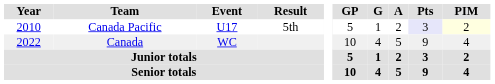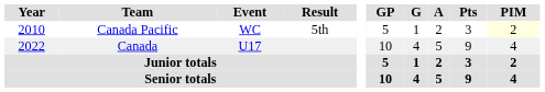 <table border="0" cellpadding="1" cellspacing="0" style="text-align:center; width:40em;">
 <tr bgcolor="#e0e0e0">
 <th>Year</th>
 <th>Team</th>
 <th>Event</th>
 <th>Result</th>
 <th rowspan="99" bgcolor="#ffffff"> </th>
 <th>GP</th>
 <th>G</th>
 <th>A</th>
 <th>Pts</th>
 <th>PIM</th>
 </tr>
 <tr>
 <td><a href='#'>2010</a></td>
 <td><a href='#'>Canada Pacific</a></td>
-<td><a href='#'>U17</a></td>
+<td><a href='#'>WC</a></td>
 <td>5th</td>
 <td>5</td>
 <td>1</td>
 <td>2</td>
-<td style="background: lavender;">3</td>
+<td>3</td>
 <td style="background: lightyellow;">2</td>
 </tr>
 <tr bgcolor="f0f0f0">
 <td><a href='#'>2022</a></td>
 <td><a href='#'>Canada</a></td>
-<td><a href='#'>WC</a></td>
+<td><a href='#'>U17</a></td>
 <td></td>
 <td>10</td>
 <td>4</td>
 <td>5</td>
 <td>9</td>
 <td>4</td>
 </tr>
 <tr bgcolor="#e0e0e0">
 <th colspan="4">Junior totals</th>
 <th>5</th>
 <th>1</th>
 <th>2</th>
 <th>3</th>
 <th>2</th>
 </tr>
 <tr bgcolor="#e0e0e0">
 <th colspan="4">Senior totals</th>
 <th>10</th>
 <th>4</th>
 <th>5</th>
 <th>9</th>
 <th>4</th>
 </tr>
 </table>
